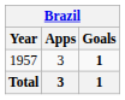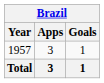 <table class="wikitable" style="text-align:center">
 <tr>
 <th colspan=3><a href='#'>Brazil</a></th>
 </tr>
 <tr>
 <th>Year</th>
 <th>Apps</th>
 <th>Goals</th>
 </tr>
 <tr>
 <td>1957</td>
 <td>3</td>
-<td><strong>1</strong></td>
+<td>1</td>
 </tr>
 <tr>
 <th>Total</th>
 <th>3</th>
 <th>1</th>
 </tr>
 </table>
